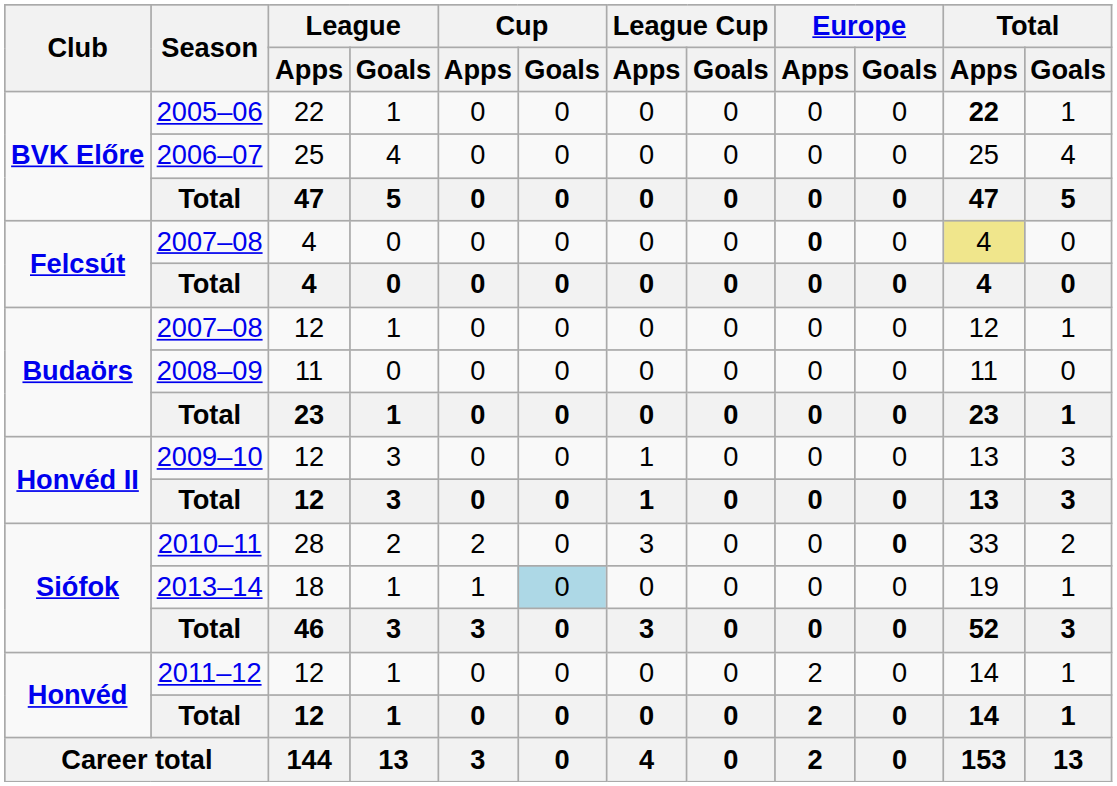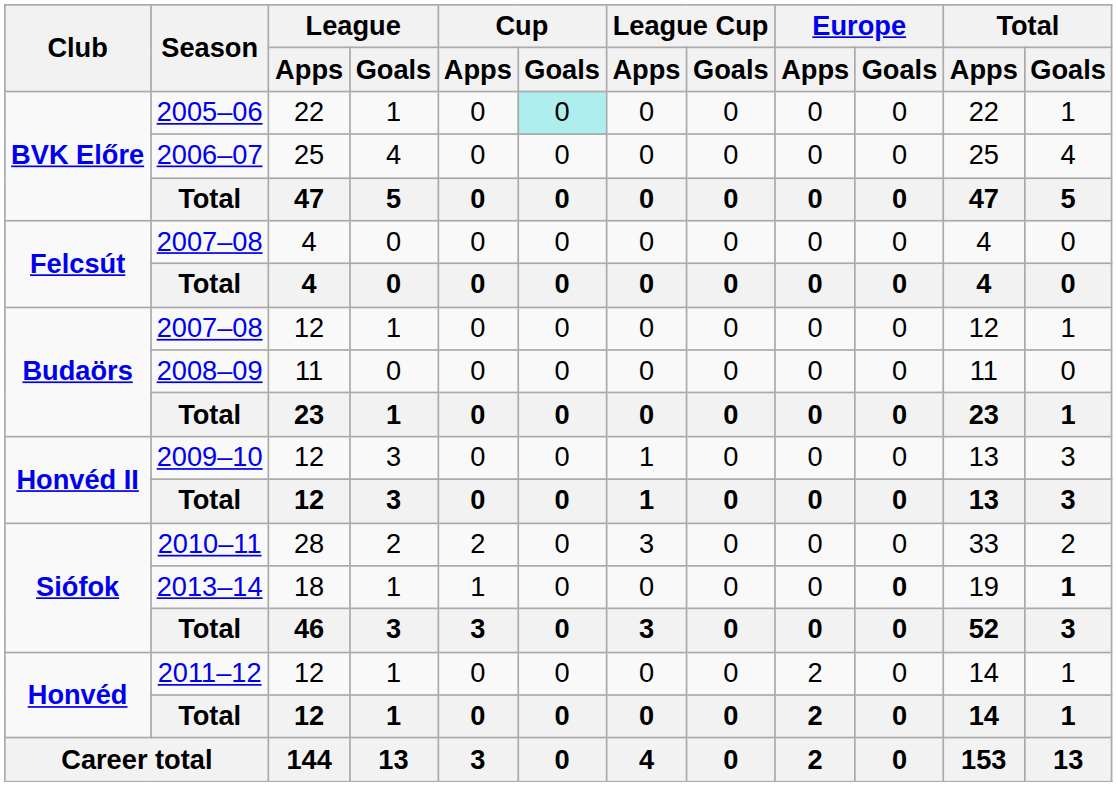 <table class="wikitable" style="text-align: center;">
 <tr>
 <th rowspan="2">Club</th>
 <th rowspan="2">Season</th>
 <th colspan="2">League</th>
 <th colspan="2">Cup</th>
 <th colspan="2">League Cup</th>
 <th colspan="2"><a href='#'>Europe</a></th>
 <th colspan="2">Total</th>
 </tr>
 <tr>
 <th>Apps</th>
 <th>Goals</th>
 <th>Apps</th>
 <th>Goals</th>
 <th>Apps</th>
 <th>Goals</th>
 <th>Apps</th>
 <th>Goals</th>
 <th>Apps</th>
 <th>Goals</th>
 </tr>
 <tr>
 <td rowspan="3"><strong><a href='#'>BVK Előre</a></strong></td>
 <td><a href='#'>2005–06</a></td>
 <td>22</td>
 <td>1</td>
 <td>0</td>
+<td style="background: paleturquoise;">0</td>
 <td>0</td>
 <td>0</td>
 <td>0</td>
 <td>0</td>
-<td>0</td>
-<td><strong>22</strong></td>
+<td>22</td>
 <td>1</td>
 </tr>
 <tr>
 <td><a href='#'>2006–07</a></td>
 <td>25</td>
 <td>4</td>
 <td>0</td>
 <td>0</td>
 <td>0</td>
 <td>0</td>
 <td>0</td>
 <td>0</td>
 <td>25</td>
 <td>4</td>
 </tr>
 <tr>
 <th>Total</th>
 <th>47</th>
 <th>5</th>
 <th>0</th>
 <th>0</th>
 <th>0</th>
 <th>0</th>
 <th>0</th>
 <th>0</th>
 <th>47</th>
 <th>5</th>
 </tr>
 <tr>
 <td rowspan="2"><strong><a href='#'>Felcsút</a></strong></td>
 <td><a href='#'>2007–08</a></td>
 <td>4</td>
 <td>0</td>
 <td>0</td>
 <td>0</td>
 <td>0</td>
 <td>0</td>
-<td><strong>0</strong></td>
 <td>0</td>
-<td style="background: khaki;">4</td>
+<td>0</td>
+<td>4</td>
 <td>0</td>
 </tr>
 <tr>
 <th>Total</th>
 <th>4</th>
 <th>0</th>
 <th>0</th>
 <th>0</th>
 <th>0</th>
 <th>0</th>
 <th>0</th>
 <th>0</th>
 <th>4</th>
 <th>0</th>
 </tr>
 <tr>
 <td rowspan="3"><strong><a href='#'>Budaörs</a></strong></td>
 <td><a href='#'>2007–08</a></td>
 <td>12</td>
 <td>1</td>
 <td>0</td>
 <td>0</td>
 <td>0</td>
 <td>0</td>
 <td>0</td>
 <td>0</td>
 <td>12</td>
 <td>1</td>
 </tr>
 <tr>
 <td><a href='#'>2008–09</a></td>
 <td>11</td>
 <td>0</td>
 <td>0</td>
 <td>0</td>
 <td>0</td>
 <td>0</td>
 <td>0</td>
 <td>0</td>
 <td>11</td>
 <td>0</td>
 </tr>
 <tr>
 <th>Total</th>
 <th>23</th>
 <th>1</th>
 <th>0</th>
 <th>0</th>
 <th>0</th>
 <th>0</th>
 <th>0</th>
 <th>0</th>
 <th>23</th>
 <th>1</th>
 </tr>
 <tr>
 <td rowspan="2"><strong><a href='#'>Honvéd II</a></strong></td>
 <td><a href='#'>2009–10</a></td>
 <td>12</td>
 <td>3</td>
 <td>0</td>
 <td>0</td>
 <td>1</td>
 <td>0</td>
 <td>0</td>
 <td>0</td>
 <td>13</td>
 <td>3</td>
 </tr>
 <tr>
 <th>Total</th>
 <th>12</th>
 <th>3</th>
 <th>0</th>
 <th>0</th>
 <th>1</th>
 <th>0</th>
 <th>0</th>
 <th>0</th>
 <th>13</th>
 <th>3</th>
 </tr>
 <tr>
 <td rowspan="3"><strong><a href='#'>Siófok</a></strong></td>
 <td><a href='#'>2010–11</a></td>
 <td>28</td>
 <td>2</td>
 <td>2</td>
 <td>0</td>
 <td>3</td>
 <td>0</td>
 <td>0</td>
-<td><strong>0</strong></td>
+<td>0</td>
 <td>33</td>
 <td>2</td>
 </tr>
 <tr>
 <td><a href='#'>2013–14</a></td>
 <td>18</td>
 <td>1</td>
 <td>1</td>
-<td style="background: lightblue;">0</td>
 <td>0</td>
 <td>0</td>
 <td>0</td>
 <td>0</td>
+<td><strong>0</strong></td>
 <td>19</td>
-<td>1</td>
+<td><strong>1</strong></td>
 </tr>
 <tr>
 <th>Total</th>
 <th>46</th>
 <th>3</th>
 <th>3</th>
 <th>0</th>
 <th>3</th>
 <th>0</th>
 <th>0</th>
 <th>0</th>
 <th>52</th>
 <th>3</th>
 </tr>
 <tr>
 <td rowspan="2"><strong><a href='#'>Honvéd</a></strong></td>
 <td><a href='#'>2011–12</a></td>
 <td>12</td>
 <td>1</td>
 <td>0</td>
 <td>0</td>
 <td>0</td>
 <td>0</td>
 <td>2</td>
 <td>0</td>
 <td>14</td>
 <td>1</td>
 </tr>
 <tr>
 <th>Total</th>
 <th>12</th>
 <th>1</th>
 <th>0</th>
 <th>0</th>
 <th>0</th>
 <th>0</th>
 <th>2</th>
 <th>0</th>
 <th>14</th>
 <th>1</th>
 </tr>
 <tr>
 <th colspan="2">Career total</th>
 <th>144</th>
 <th>13</th>
 <th>3</th>
 <th>0</th>
 <th>4</th>
 <th>0</th>
 <th>2</th>
 <th>0</th>
 <th>153</th>
 <th>13</th>
 </tr>
 </table>
